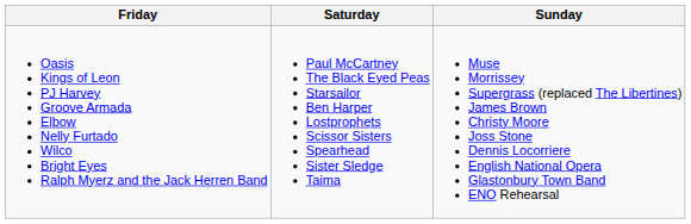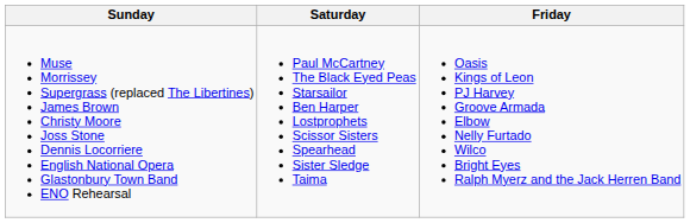 <table class="wikitable">
 <tr>
+<th>Sunday</th>
+<th>Saturday</th>
 <th>Friday</th>
-<th>Saturday</th>
-<th>Sunday</th>
 </tr>
 <tr valign="top">
+<td><br><ul><li><a href='#'>Muse</a></li><li><a href='#'>Morrissey</a></li><li><a href='#'>Supergrass</a> (replaced <a href='#'>The Libertines</a>)</li><li><a href='#'>James Brown</a></li><li><a href='#'>Christy Moore</a></li><li><a href='#'>Joss Stone</a></li><li><a href='#'>Dennis Locorriere</a></li><li><a href='#'>English National Opera</a></li><li><a href='#'>Glastonbury Town Band</a></li><li><a href='#'>ENO</a> Rehearsal</li></ul></td>
+<td><br><ul><li><a href='#'>Paul McCartney</a></li><li><a href='#'>The Black Eyed Peas</a></li><li><a href='#'>Starsailor</a></li><li><a href='#'>Ben Harper</a></li><li><a href='#'>Lostprophets</a></li><li><a href='#'>Scissor Sisters</a></li><li><a href='#'>Spearhead</a></li><li><a href='#'>Sister Sledge</a></li><li><a href='#'>Taima</a></li></ul></td>
 <td><br><ul><li><a href='#'>Oasis</a></li><li><a href='#'>Kings of Leon</a></li><li><a href='#'>PJ Harvey</a></li><li><a href='#'>Groove Armada</a></li><li><a href='#'>Elbow</a></li><li><a href='#'>Nelly Furtado</a></li><li><a href='#'>Wilco</a></li><li><a href='#'>Bright Eyes</a></li><li><a href='#'>Ralph Myerz and the Jack Herren Band</a></li></ul></td>
-<td><br><ul><li><a href='#'>Paul McCartney</a></li><li><a href='#'>The Black Eyed Peas</a></li><li><a href='#'>Starsailor</a></li><li><a href='#'>Ben Harper</a></li><li><a href='#'>Lostprophets</a></li><li><a href='#'>Scissor Sisters</a></li><li><a href='#'>Spearhead</a></li><li><a href='#'>Sister Sledge</a></li><li><a href='#'>Taima</a></li></ul></td>
-<td><br><ul><li><a href='#'>Muse</a></li><li><a href='#'>Morrissey</a></li><li><a href='#'>Supergrass</a> (replaced <a href='#'>The Libertines</a>)</li><li><a href='#'>James Brown</a></li><li><a href='#'>Christy Moore</a></li><li><a href='#'>Joss Stone</a></li><li><a href='#'>Dennis Locorriere</a></li><li><a href='#'>English National Opera</a></li><li><a href='#'>Glastonbury Town Band</a></li><li><a href='#'>ENO</a> Rehearsal</li></ul></td>
 </tr>
 </table>
